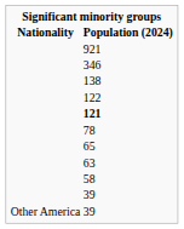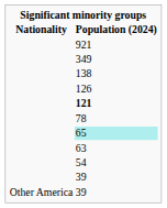 <table class="infobox">
 <tr>
 <td style="text-align:center;" colspan="2"><strong>Significant minority groups</strong></td>
 </tr>
 <tr>
 <th>Nationality</th>
 <th>Population (2024)</th>
 </tr>
 <tr>
 <td></td>
 <td>921</td>
 </tr>
 <tr>
 <td></td>
-<td>346</td>
+<td>349</td>
 </tr>
 <tr>
 <td></td>
 <td>138</td>
 </tr>
 <tr>
 <td></td>
-<td>122</td>
+<td>126</td>
 </tr>
 <tr>
 <td></td>
 <td><strong>121</strong></td>
 </tr>
 <tr>
 <td></td>
 <td>78</td>
 </tr>
 <tr>
 <td></td>
-<td>65</td>
+<td style="background: paleturquoise;">65</td>
 </tr>
 <tr>
 <td></td>
 <td>63</td>
 </tr>
 <tr>
 <td></td>
-<td>58</td>
+<td>54</td>
 </tr>
 <tr>
 <td></td>
 <td>39</td>
 </tr>
 <tr>
 <td>Other America</td>
 <td>39</td>
 </tr>
 </table>
